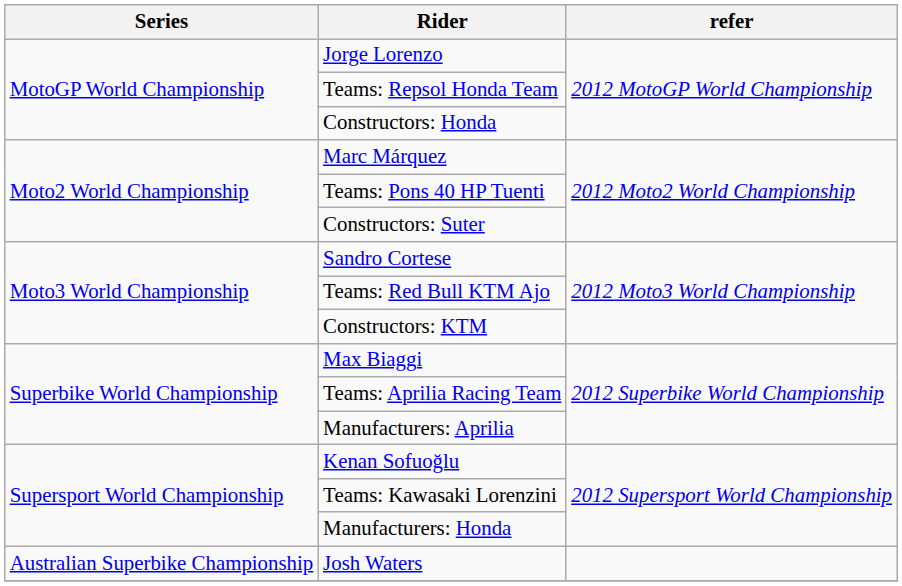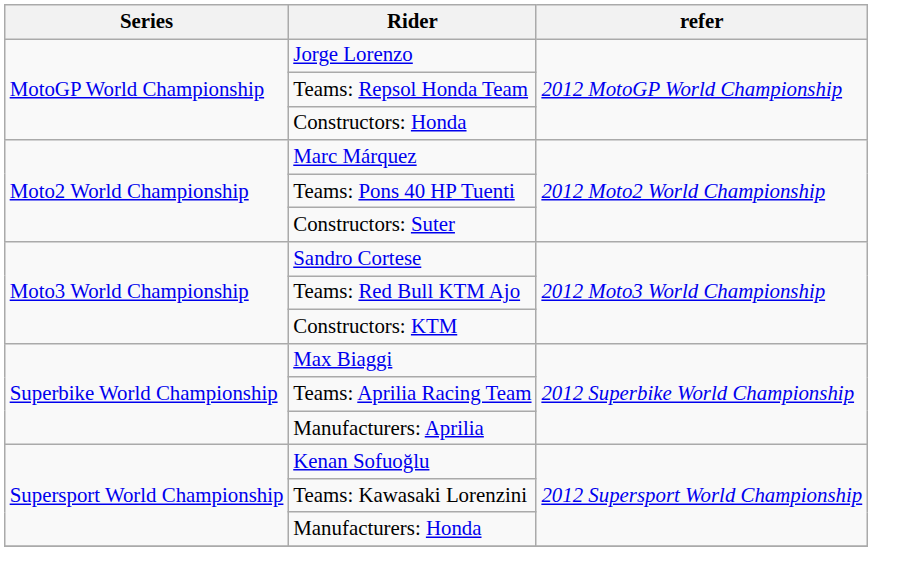 <table class="wikitable" style="font-size: 87%;">
 <tr>
 <th>Series</th>
 <th>Rider</th>
 <th>refer</th>
 </tr>
 <tr>
 <td rowspan=3><a href='#'>MotoGP World Championship</a></td>
 <td> <a href='#'>Jorge Lorenzo</a></td>
 <td rowspan=3><em><a href='#'>2012 MotoGP World Championship</a></em></td>
 </tr>
 <tr>
 <td>Teams:  <a href='#'>Repsol Honda Team</a></td>
 </tr>
 <tr>
 <td>Constructors:  <a href='#'>Honda</a></td>
 </tr>
 <tr>
 <td rowspan=3><a href='#'>Moto2 World Championship</a></td>
 <td> <a href='#'>Marc Márquez</a></td>
 <td rowspan=3><em><a href='#'>2012 Moto2 World Championship</a></em></td>
 </tr>
 <tr>
 <td>Teams:  <a href='#'>Pons 40 HP Tuenti</a></td>
 </tr>
 <tr>
 <td>Constructors:  <a href='#'>Suter</a></td>
 </tr>
 <tr>
 <td rowspan=3><a href='#'>Moto3 World Championship</a></td>
 <td> <a href='#'>Sandro Cortese</a></td>
 <td rowspan=3><em><a href='#'>2012 Moto3 World Championship</a></em></td>
 </tr>
 <tr>
 <td>Teams:  <a href='#'>Red Bull KTM Ajo</a></td>
 </tr>
 <tr>
 <td>Constructors:  <a href='#'>KTM</a></td>
 </tr>
 <tr>
 <td rowspan=3><a href='#'>Superbike World Championship</a></td>
 <td> <a href='#'>Max Biaggi</a></td>
 <td rowspan=3><em><a href='#'>2012 Superbike World Championship</a></em></td>
 </tr>
 <tr>
 <td>Teams:  <a href='#'>Aprilia Racing Team</a></td>
 </tr>
 <tr>
 <td>Manufacturers:  <a href='#'>Aprilia</a></td>
 </tr>
 <tr>
 <td rowspan=3><a href='#'>Supersport World Championship</a></td>
 <td> <a href='#'>Kenan Sofuoğlu</a></td>
 <td rowspan=3><em><a href='#'>2012 Supersport World Championship</a></em></td>
 </tr>
 <tr>
 <td>Teams:  Kawasaki Lorenzini</td>
 </tr>
 <tr>
 <td>Manufacturers:  <a href='#'>Honda</a></td>
 </tr>
 <tr>
-<td><a href='#'>Australian Superbike Championship</a></td>
-<td> <a href='#'>Josh Waters</a></td>
-<td></td>
-</tr>
-<tr>
 </tr>
 </table>
